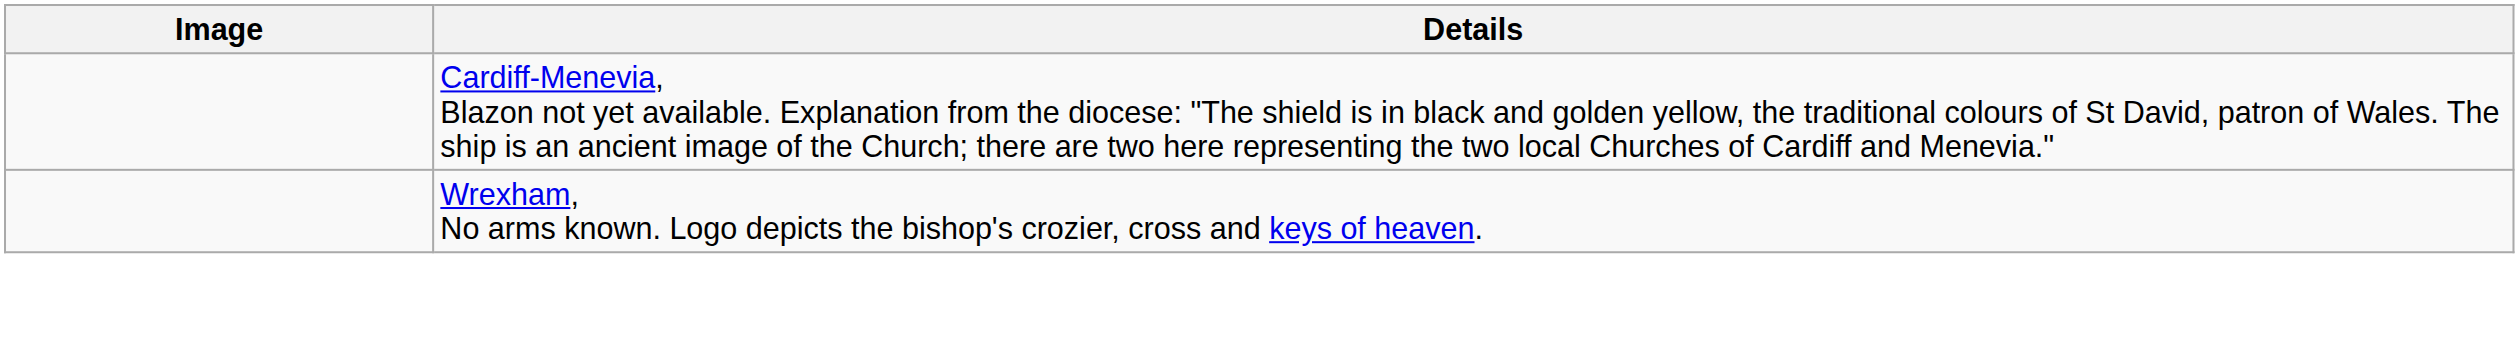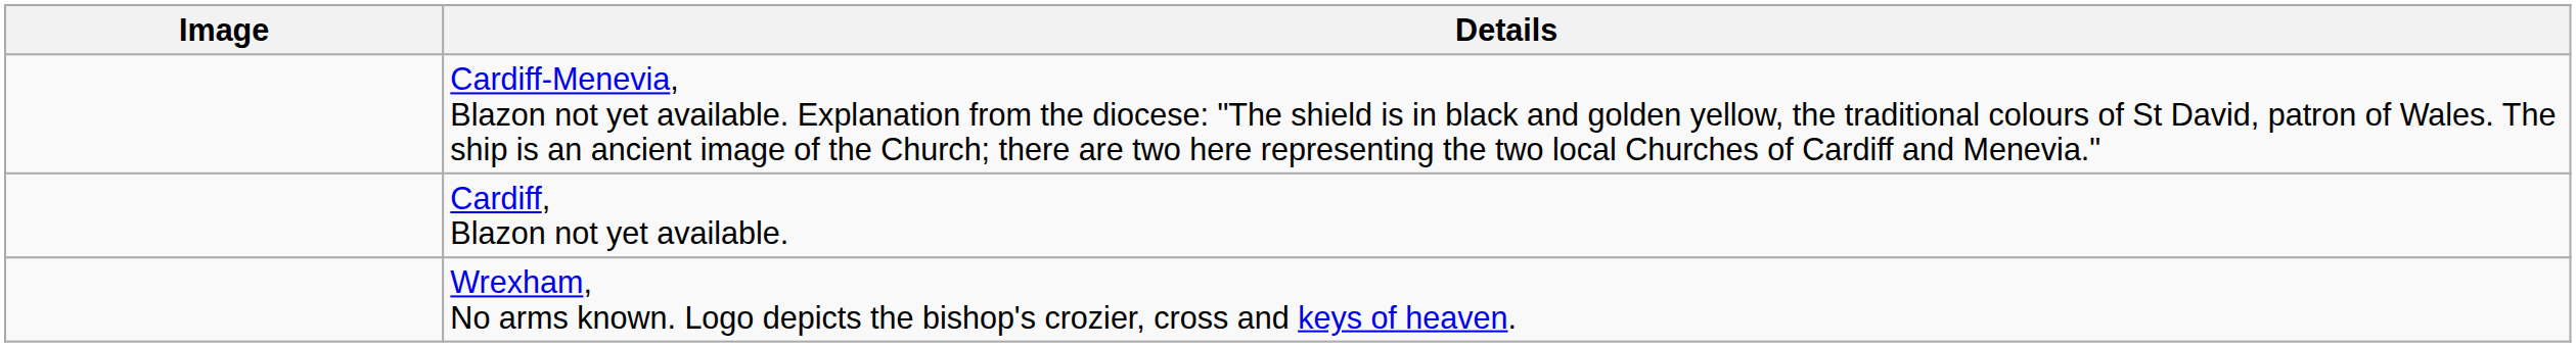 <table class=wikitable style=font-size:95%>
 <tr style="vertical-align:top; text-align:center;">
 <th style="width:206px;">Image</th>
 <th>Details</th>
 </tr>
 <tr valign=top>
 <td align=center></td>
 <td><a href='#'>Cardiff-Menevia</a>,<br>Blazon not yet available. Explanation from the diocese: "The shield is in black and golden yellow, the traditional colours of St David, patron of Wales. The ship is an ancient image of the Church; there are two here representing the two local Churches of Cardiff and Menevia."</td>
 </tr>
 <tr valign=top>
 <td align=center></td>
+<td><a href='#'>Cardiff</a>,<br>Blazon not yet available. </td>
+</tr>
+<tr valign=top>
+<td align=center></td>
 <td><a href='#'>Wrexham</a>,<br>No arms known. Logo depicts the bishop's crozier, cross and <a href='#'>keys of heaven</a>.</td>
 </tr>
 </table>
